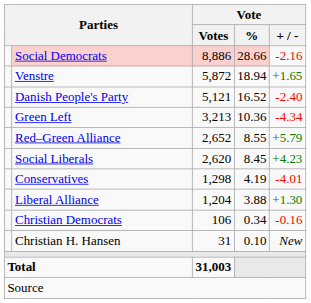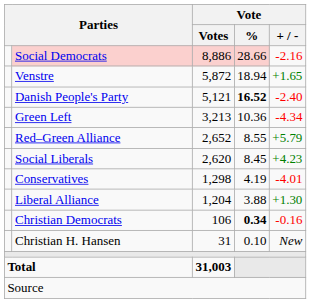 <table class="wikitable" style="text-align:right;">
 <tr>
 <th style="text-align:centre;" rowspan="2" colspan="2" width="225">Parties</th>
 <th colspan="3">Vote</th>
 </tr>
 <tr>
 <th width="15">Votes</th>
 <th width="15">%</th>
 <th width="15">+ / -</th>
 </tr>
 <tr>
 <td width="2" style="color:inherit;background:"></td>
 <td bgcolor=#fbd0ce  align="left"><a href='#'>Social Democrats</a></td>
 <td bgcolor=#fbd0ce>8,886</td>
 <td bgcolor=#fbd0ce>28.66</td>
 <td style=color:red;>-2.16</td>
 </tr>
 <tr>
 <td width="2" style="color:inherit;background:"></td>
 <td align="left"><a href='#'>Venstre</a></td>
 <td>5,872</td>
 <td>18.94</td>
 <td style=color:green;>+1.65</td>
 </tr>
 <tr>
 <td width="2" style="color:inherit;background:"></td>
 <td align="left"><a href='#'>Danish People's Party</a></td>
 <td>5,121</td>
-<td>16.52</td>
+<td><strong>16.52</strong></td>
 <td style=color:red;>-2.40</td>
 </tr>
 <tr>
 <td width="2" style="color:inherit;background:"></td>
 <td align="left"><a href='#'>Green Left</a></td>
 <td>3,213</td>
 <td>10.36</td>
 <td style=color:red;>-4.34</td>
 </tr>
 <tr>
 <td width="2" style="color:inherit;background:"></td>
 <td align="left"><a href='#'>Red–Green Alliance</a></td>
 <td>2,652</td>
 <td>8.55</td>
 <td style=color:green;>+5.79</td>
 </tr>
 <tr>
 <td width="2" style="color:inherit;background:"></td>
 <td align="left"><a href='#'>Social Liberals</a></td>
 <td>2,620</td>
 <td>8.45</td>
 <td style=color:green;>+4.23</td>
 </tr>
 <tr>
 <td width="2" style="color:inherit;background:"></td>
 <td align="left"><a href='#'>Conservatives</a></td>
 <td>1,298</td>
 <td>4.19</td>
 <td style=color:red;>-4.01</td>
 </tr>
 <tr>
 <td width="2" style="color:inherit;background:"></td>
 <td align="left"><a href='#'>Liberal Alliance</a></td>
 <td>1,204</td>
 <td>3.88</td>
 <td style=color:green;>+1.30</td>
 </tr>
 <tr>
 <td width="2" style="color:inherit;background:"></td>
 <td align="left"><a href='#'>Christian Democrats</a></td>
 <td>106</td>
-<td>0.34</td>
+<td><strong>0.34</strong></td>
 <td style=color:red;>-0.16</td>
 </tr>
 <tr>
 <td width="2" style="color:inherit;background:"></td>
 <td align="left">Christian H. Hansen</td>
 <td>31</td>
 <td>0.10</td>
 <td><em>New</em></td>
 </tr>
 <tr>
 <td colspan="7" bgcolor="#E9E9E9"></td>
 </tr>
 <tr>
 <td align="left" colspan="2"><strong>Total</strong></td>
 <td><strong>31,003</strong></td>
 <td bgcolor="#E9E9E9" colspan="2"></td>
 </tr>
 <tr>
 <td align="left" colspan="6">Source</td>
 </tr>
 </table>
